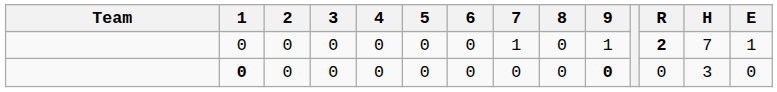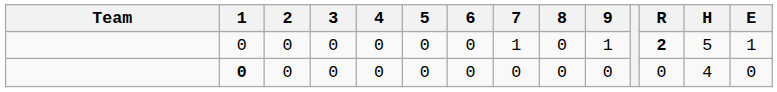 <table border=1 cellspacing=0 width=600 style="margin-left:3em;" class="wikitable">
 <tr style="text-align:center; background-color:#e6e6e6;">
 <th align=left width=28%>Team</th>
 <th width=6%>1</th>
 <th width=6%>2</th>
 <th width=6%>3</th>
 <th width=6%>4</th>
 <th width=6%>5</th>
 <th width=6%>6</th>
 <th width=6%>7</th>
 <th width=6%>8</th>
 <th width=6%>9</th>
 <th rowspan="3" width=0.5%></th>
 <th width=6%>R</th>
 <th width=6%>H</th>
 <th width=6%>E</th>
 </tr>
 <tr style="text-align:center;">
 <td align=left></td>
 <td>0</td>
 <td>0</td>
 <td>0</td>
 <td>0</td>
 <td>0</td>
 <td>0</td>
 <td>1</td>
 <td>0</td>
 <td>1</td>
 <td><strong>2</strong></td>
-<td>7</td>
+<td>5</td>
 <td>1</td>
 </tr>
 <tr style="text-align:center;">
 <td align=left></td>
 <td><strong>0</strong></td>
 <td>0</td>
 <td>0</td>
 <td>0</td>
 <td>0</td>
 <td>0</td>
 <td>0</td>
 <td>0</td>
-<td><strong>0</strong></td>
 <td>0</td>
-<td>3</td>
+<td>0</td>
+<td>4</td>
 <td>0</td>
 </tr>
 </table>
